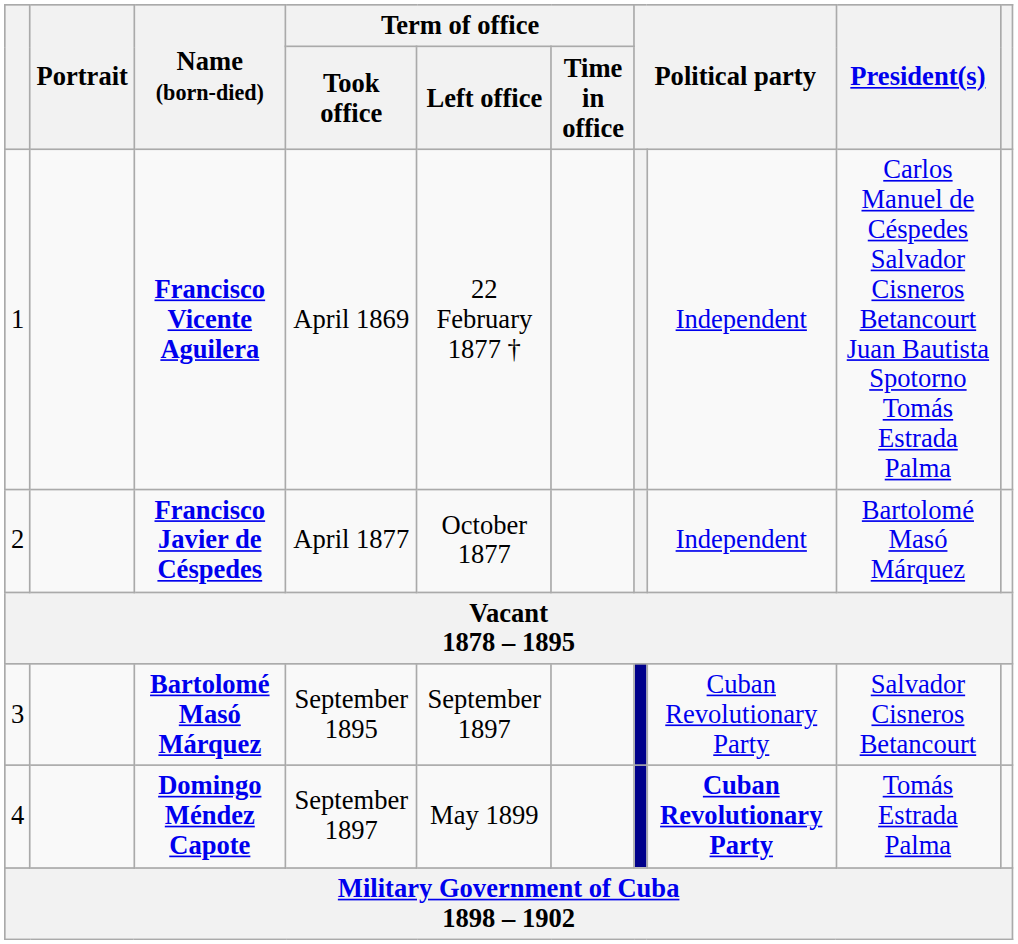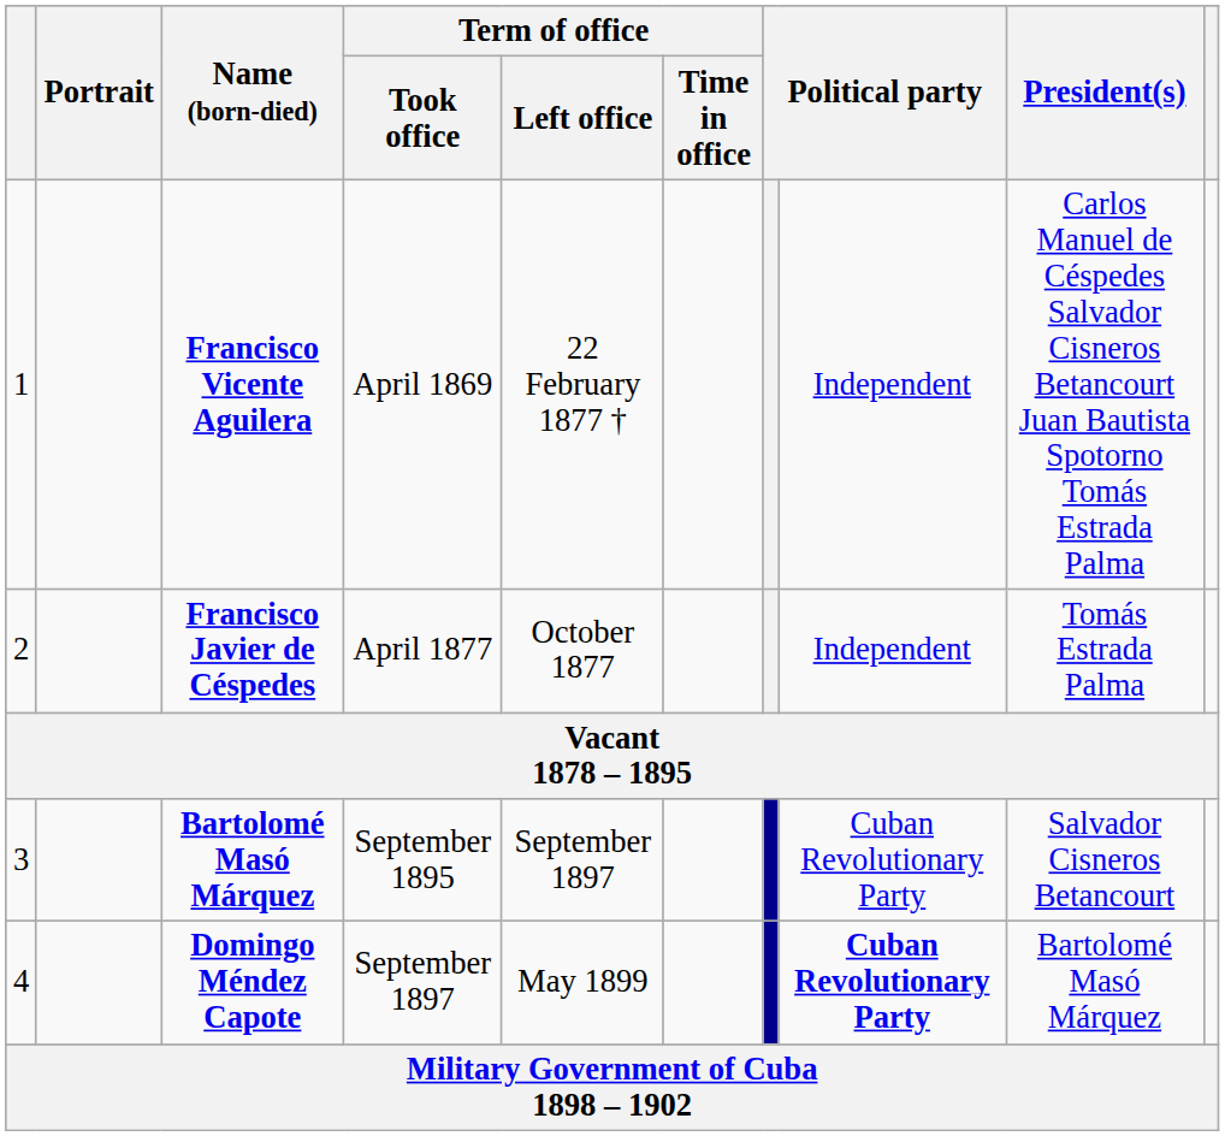 <table class="wikitable" style="text-align:center;">
 <tr>
 <th rowspan=2></th>
 <th rowspan=2>Portrait</th>
 <th rowspan=2>Name<br><small>(born-died)</small></th>
 <th colspan=3>Term of office</th>
 <th colspan=2 rowspan=2>Political party</th>
 <th rowspan=2><a href='#'>President(s)</a></th>
 <th rowspan=2></th>
 </tr>
 <tr>
 <th>Took office</th>
 <th>Left office</th>
 <th>Time in office</th>
 </tr>
 <tr>
 <td>1</td>
 <td></td>
 <td><strong><a href='#'>Francisco Vicente Aguilera</a></strong><br></td>
 <td>April 1869</td>
 <td>22 February 1877 †</td>
 <td></td>
 <th style="background:"></th>
 <td><a href='#'>Independent</a></td>
 <td><a href='#'>Carlos Manuel de Céspedes</a><br><a href='#'>Salvador Cisneros Betancourt</a><br><a href='#'>Juan Bautista Spotorno</a><br><a href='#'>Tomás Estrada Palma</a></td>
 <td></td>
 </tr>
 <tr>
 <td>2</td>
 <td></td>
 <td><strong><a href='#'>Francisco Javier de Céspedes</a></strong><br></td>
 <td>April 1877</td>
 <td>October 1877</td>
 <td></td>
 <th style="background:"></th>
 <td><a href='#'>Independent</a></td>
-<td><a href='#'>Bartolomé Masó Márquez</a></td>
+<td><a href='#'>Tomás Estrada Palma</a></td>
 <td></td>
 </tr>
 <tr>
 <th colspan=10>Vacant<br>1878 – 1895</th>
 </tr>
 <tr>
 <td>3</td>
 <td></td>
 <td><strong><a href='#'>Bartolomé Masó Márquez</a></strong><br></td>
 <td>September 1895</td>
 <td>September 1897</td>
 <td></td>
 <th style="background:darkblue;"></th>
 <td><a href='#'>Cuban Revolutionary Party</a></td>
 <td><a href='#'>Salvador Cisneros Betancourt</a></td>
 <td></td>
 </tr>
 <tr>
 <td>4</td>
 <td></td>
 <td><strong><a href='#'>Domingo Méndez Capote</a></strong><br></td>
 <td>September 1897</td>
 <td>May 1899</td>
 <td></td>
 <th style="background:darkblue;"></th>
 <td><strong><a href='#'>Cuban Revolutionary Party</a></strong></td>
-<td><a href='#'>Tomás Estrada Palma</a></td>
+<td><a href='#'>Bartolomé Masó Márquez</a></td>
 <td></td>
 </tr>
 <tr>
 <th colspan="10"><a href='#'>Military Government of Cuba</a><br>1898 – 1902</th>
 </tr>
 </table>
